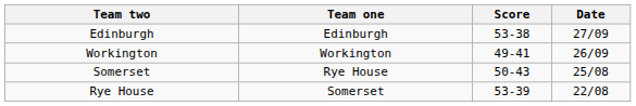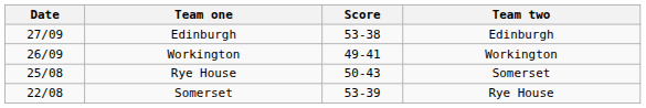 <table class="wikitable" style="text-align: center">
 <tr>
-<th width=250>Team two</th>
+<th width=80>Date</th>
 <th width=250>Team one</th>
 <th width=80>Score</th>
-<th width=80>Date</th>
+<th width=250>Team two</th>
 </tr>
 <tr>
-<td>Edinburgh</td>
+<td>27/09</td>
 <td>Edinburgh</td>
 <td>53-38</td>
-<td>27/09</td>
+<td>Edinburgh</td>
 </tr>
 <tr>
-<td>Workington</td>
+<td>26/09</td>
 <td>Workington</td>
 <td>49-41</td>
-<td>26/09</td>
+<td>Workington</td>
 </tr>
 <tr>
-<td>Somerset</td>
+<td>25/08</td>
 <td>Rye House</td>
 <td>50-43</td>
-<td>25/08</td>
+<td>Somerset</td>
 </tr>
 <tr>
-<td>Rye House</td>
+<td>22/08</td>
 <td>Somerset</td>
 <td>53-39</td>
-<td>22/08</td>
+<td>Rye House</td>
 </tr>
 </table>
